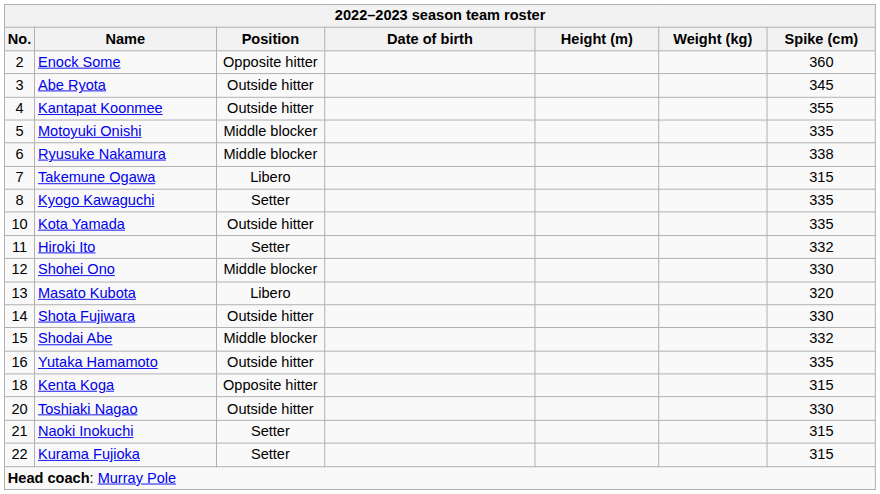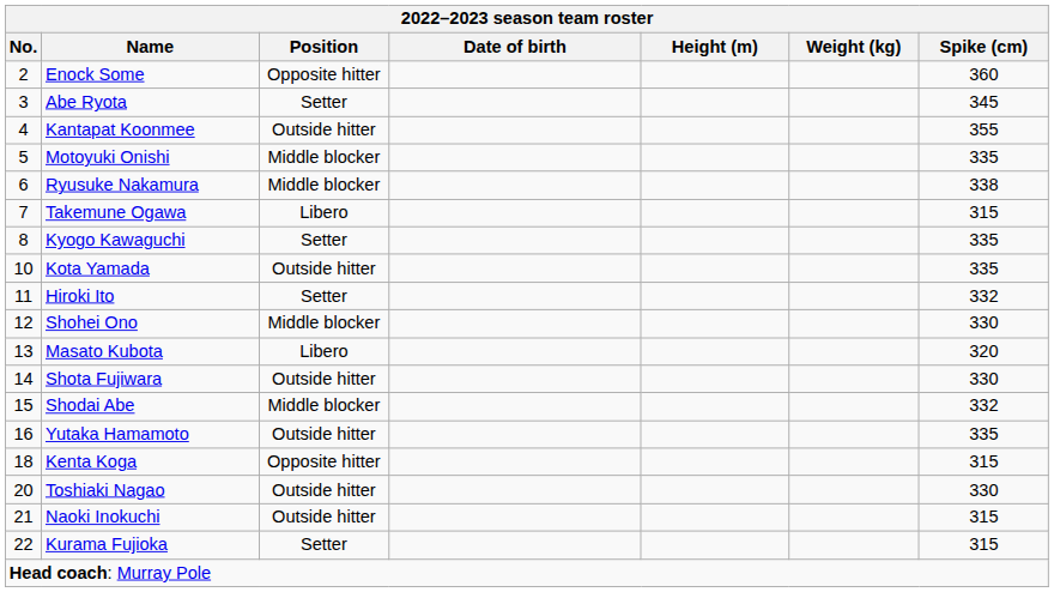 <table class="wikitable sortable" style="font-size:">
 <tr>
 <th colspan="7">2022–2023 season team roster</th>
 </tr>
 <tr>
 <th>No.</th>
 <th style="width:12em">Name</th>
 <th style="width:7em">Position</th>
 <th style="width:14em">Date of birth</th>
 <th style="width:8em">Height (m)</th>
 <th style="width:7em">Weight (kg)</th>
 <th style="width:7em">Spike (cm)</th>
 </tr>
 <tr>
 <td align=center>2</td>
 <td align=left> <a href='#'>Enock Some</a></td>
 <td align=center>Opposite hitter</td>
 <td align=right></td>
 <td align=left></td>
 <td align=center></td>
 <td align=center>360</td>
 </tr>
 <tr>
 <td align=center>3</td>
 <td align=left> <a href='#'>Abe Ryota</a></td>
-<td align=center>Outside hitter</td>
+<td align=center>Setter</td>
 <td align=right></td>
 <td align=left></td>
 <td align=center></td>
 <td align=center>345</td>
 </tr>
 <tr>
 <td align=center>4</td>
 <td align=left> <a href='#'>Kantapat Koonmee</a></td>
 <td align=center>Outside hitter</td>
 <td align=right></td>
 <td align=left></td>
 <td align=center></td>
 <td align=center>355</td>
 </tr>
 <tr>
 <td align=center>5</td>
 <td align=left> <a href='#'>Motoyuki Onishi</a></td>
 <td align=center>Middle blocker</td>
 <td align=right></td>
 <td align=left></td>
 <td align=center></td>
 <td align=center>335</td>
 </tr>
 <tr>
 <td align=center>6</td>
 <td align=left> <a href='#'>Ryusuke Nakamura</a></td>
 <td align=center>Middle blocker</td>
 <td align=right></td>
 <td align=left></td>
 <td align=center></td>
 <td align=center>338</td>
 </tr>
 <tr>
 <td align=center>7</td>
 <td align=left> <a href='#'>Takemune Ogawa</a></td>
 <td align=center>Libero</td>
 <td align=right></td>
 <td align=left></td>
 <td align=center></td>
 <td align=center>315</td>
 </tr>
 <tr>
 <td align=center>8</td>
 <td align=left> <a href='#'>Kyogo Kawaguchi</a></td>
 <td align=center>Setter</td>
 <td align=right></td>
 <td align=left></td>
 <td align=center></td>
 <td align=center>335</td>
 </tr>
 <tr>
 <td align=center>10</td>
 <td align=left> <a href='#'>Kota Yamada</a></td>
 <td align=center>Outside hitter</td>
 <td align=right></td>
 <td align=left></td>
 <td align=center></td>
 <td align=center>335</td>
 </tr>
 <tr>
 <td align=center>11</td>
 <td align=left> <a href='#'>Hiroki Ito</a></td>
 <td align=center>Setter</td>
 <td align=right></td>
 <td align=left></td>
 <td align=center></td>
 <td align=center>332</td>
 </tr>
 <tr>
 <td align=center>12</td>
 <td align=left> <a href='#'>Shohei Ono</a></td>
 <td align=center>Middle blocker</td>
 <td align=right></td>
 <td align=left></td>
 <td align=center></td>
 <td align=center>330</td>
 </tr>
 <tr>
 <td align=center>13</td>
 <td align=left> <a href='#'>Masato Kubota</a></td>
 <td align=center>Libero</td>
 <td align=right></td>
 <td align=left></td>
 <td align=center></td>
 <td align=center>320</td>
 </tr>
 <tr>
 <td align=center>14</td>
 <td align=left> <a href='#'>Shota Fujiwara</a></td>
 <td align=center>Outside hitter</td>
 <td align=right></td>
 <td align=left></td>
 <td align=center></td>
 <td align=center>330</td>
 </tr>
 <tr>
 <td align=center>15</td>
 <td align=left> <a href='#'>Shodai Abe</a></td>
 <td align=center>Middle blocker</td>
 <td align=right></td>
 <td align=left></td>
 <td align=center></td>
 <td align=center>332</td>
 </tr>
 <tr>
 <td align=center>16</td>
 <td align=left> <a href='#'>Yutaka Hamamoto</a></td>
 <td align=center>Outside hitter</td>
 <td align=right></td>
 <td align=left></td>
 <td align=center></td>
 <td align=center>335</td>
 </tr>
 <tr>
 <td align=center>18</td>
 <td align=left> <a href='#'>Kenta Koga</a></td>
 <td align=center>Opposite hitter</td>
 <td align=right></td>
 <td align=left></td>
 <td align=center></td>
 <td align=center>315</td>
 </tr>
 <tr>
 <td align=center>20</td>
 <td align=left> <a href='#'>Toshiaki Nagao</a></td>
 <td align=center>Outside hitter</td>
 <td align=right></td>
 <td align=left></td>
 <td align=center></td>
 <td align=center>330</td>
 </tr>
 <tr>
 <td align=center>21</td>
 <td align=left> <a href='#'>Naoki Inokuchi</a></td>
-<td align=center>Setter</td>
+<td align=center>Outside hitter</td>
 <td align=right></td>
 <td align=left></td>
 <td align=center></td>
 <td align=center>315</td>
 </tr>
 <tr>
 <td align=center>22</td>
 <td align=left> <a href='#'>Kurama Fujioka</a></td>
 <td align=center>Setter</td>
 <td align=right></td>
 <td align=left></td>
 <td align=center></td>
 <td align=center>315</td>
 </tr>
 <tr>
 <td colspan=7><strong>Head coach</strong>:  <a href='#'>Murray Pole</a></td>
 </tr>
 </table>
